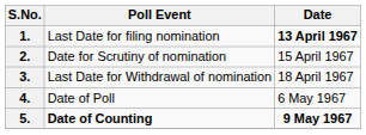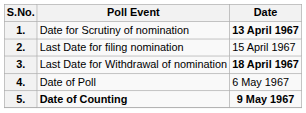 <table class="wikitable sortable">
 <tr>
 <th>S.No.</th>
 <th>Poll Event</th>
 <th>Date</th>
 </tr>
 <tr>
 <th>1.</th>
-<td>Last Date for filing nomination</td>
+<td>Date for Scrutiny of nomination</td>
 <td><strong>13 April 1967</strong></td>
 </tr>
 <tr>
 <th>2.</th>
-<td>Date for Scrutiny of nomination</td>
+<td>Last Date for filing nomination</td>
 <td>15 April 1967</td>
 </tr>
 <tr>
 <th>3.</th>
 <td>Last Date for Withdrawal of nomination</td>
-<td>18 April 1967</td>
+<td><strong>18 April 1967</strong></td>
 </tr>
 <tr>
 <th>4.</th>
 <td>Date of Poll</td>
 <td>6 May 1967</td>
 </tr>
 <tr>
 <th>5.</th>
 <td><strong>Date of Counting</strong></td>
 <td colspan="2" style="text-align:center"><strong>9 May 1967</strong></td>
 </tr>
 <tr>
 </tr>
 </table>
